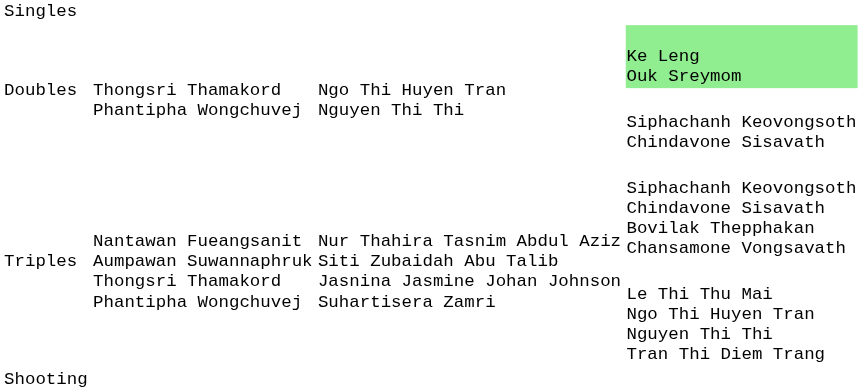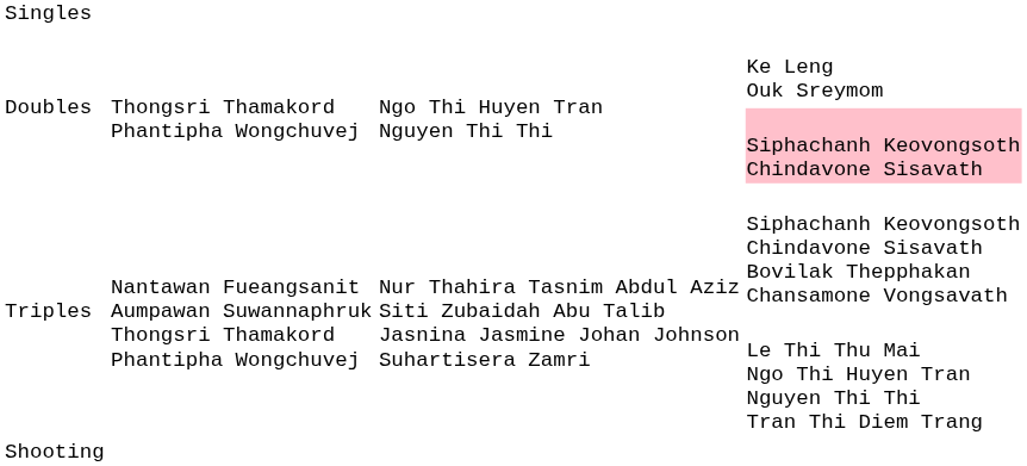 <table>
 <tr>
 <td rowspan=2>Singles<br></td>
 <td rowspan=2></td>
 <td rowspan=2></td>
 <td></td>
 </tr>
 <tr>
 <td></td>
 </tr>
 <tr>
 <td rowspan=2>Doubles<br></td>
 <td rowspan=2><br>Thongsri Thamakord<br>Phantipha Wongchuvej</td>
 <td rowspan=2><br>Ngo Thi Huyen Tran<br>Nguyen Thi Thi</td>
-<td style="background: lightgreen;"><br>Ke Leng<br>Ouk Sreymom</td>
+<td><br>Ke Leng<br>Ouk Sreymom</td>
 </tr>
 <tr>
-<td><br>Siphachanh Keovongsoth<br>Chindavone Sisavath</td>
+<td style="background: pink;"><br>Siphachanh Keovongsoth<br>Chindavone Sisavath</td>
 </tr>
 <tr>
 <td rowspan=2>Triples<br></td>
 <td rowspan=2><br>Nantawan Fueangsanit<br>Aumpawan Suwannaphruk<br>Thongsri Thamakord<br>Phantipha Wongchuvej</td>
 <td rowspan=2><br>Nur Thahira Tasnim Abdul Aziz<br>Siti Zubaidah Abu Talib<br>Jasnina Jasmine Johan Johnson<br>Suhartisera Zamri</td>
 <td><br>Siphachanh Keovongsoth<br>Chindavone Sisavath<br>Bovilak Thepphakan<br>Chansamone Vongsavath</td>
 </tr>
 <tr>
 <td><br>Le Thi Thu Mai<br>Ngo Thi Huyen Tran<br>Nguyen Thi Thi<br>Tran Thi Diem Trang</td>
 </tr>
 <tr>
 <td rowspan=2>Shooting<br></td>
 <td rowspan=2></td>
 <td rowspan=2></td>
 <td></td>
 </tr>
 <tr>
 <td></td>
 </tr>
 </table>
